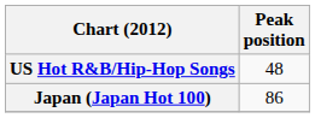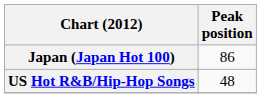 <table class="wikitable sortable plainrowheaders">
 <tr>
 <th scope="col">Chart (2012)</th>
 <th scope="col">Peak<br>position</th>
 </tr>
 <tr>
+<th scope="row">Japan (<a href='#'>Japan Hot 100</a>)</th>
+<td style="text-align:center">86</td>
+</tr>
+<tr>
 <th scope="row">US <a href='#'>Hot R&B/Hip-Hop Songs</a></th>
 <td style="text-align:center;">48</td>
 </tr>
 <tr>
-<th scope="row">Japan (<a href='#'>Japan Hot 100</a>)</th>
-<td style="text-align:center">86</td>
-</tr>
-<tr>
 </tr>
 </table>
